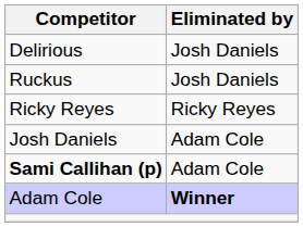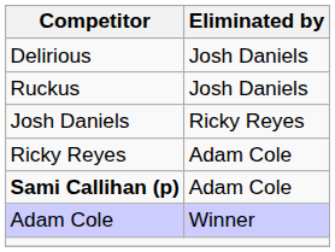 <table class="wikitable">
 <tr>
 <th>Competitor</th>
 <th>Eliminated by</th>
 </tr>
 <tr>
 <td>Delirious</td>
 <td>Josh Daniels</td>
 </tr>
 <tr>
 <td>Ruckus</td>
 <td>Josh Daniels</td>
 </tr>
 <tr>
-<td>Ricky Reyes</td>
+<td>Josh Daniels</td>
 <td>Ricky Reyes</td>
 </tr>
 <tr>
-<td>Josh Daniels</td>
+<td>Ricky Reyes</td>
 <td>Adam Cole</td>
 </tr>
 <tr>
 <td><strong>Sami Callihan (p)</strong></td>
 <td>Adam Cole</td>
 </tr>
 <tr style="background: #CCCCFF;">
 <td>Adam Cole</td>
-<td><strong>Winner</strong></td>
+<td>Winner</td>
 </tr>
 <tr>
 <td colspan="2"></td>
 </tr>
 <tr>
 </tr>
 </table>
